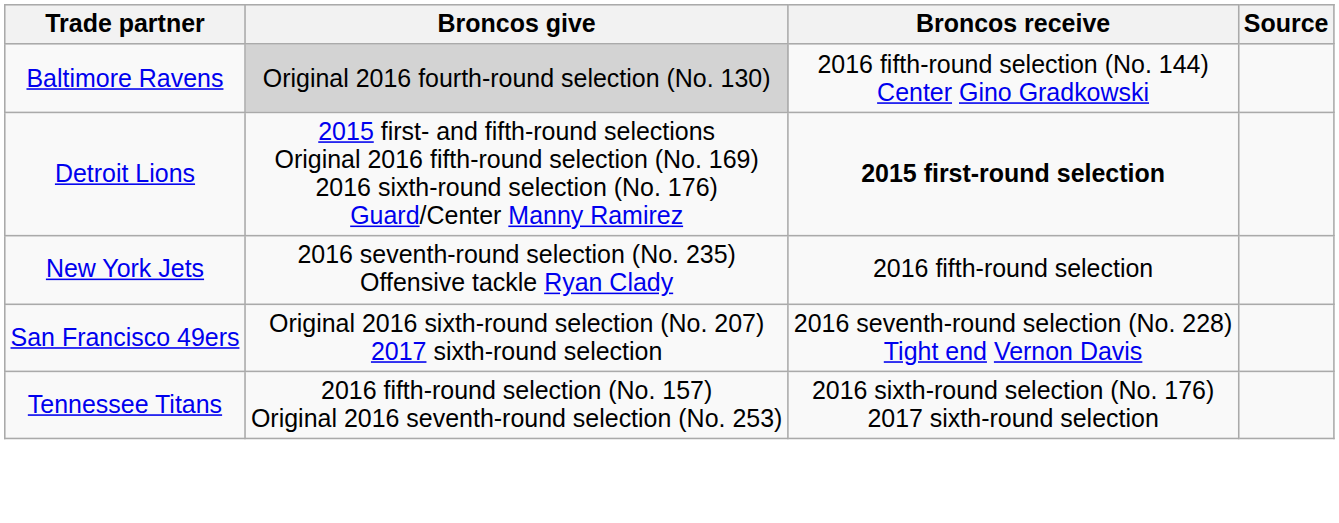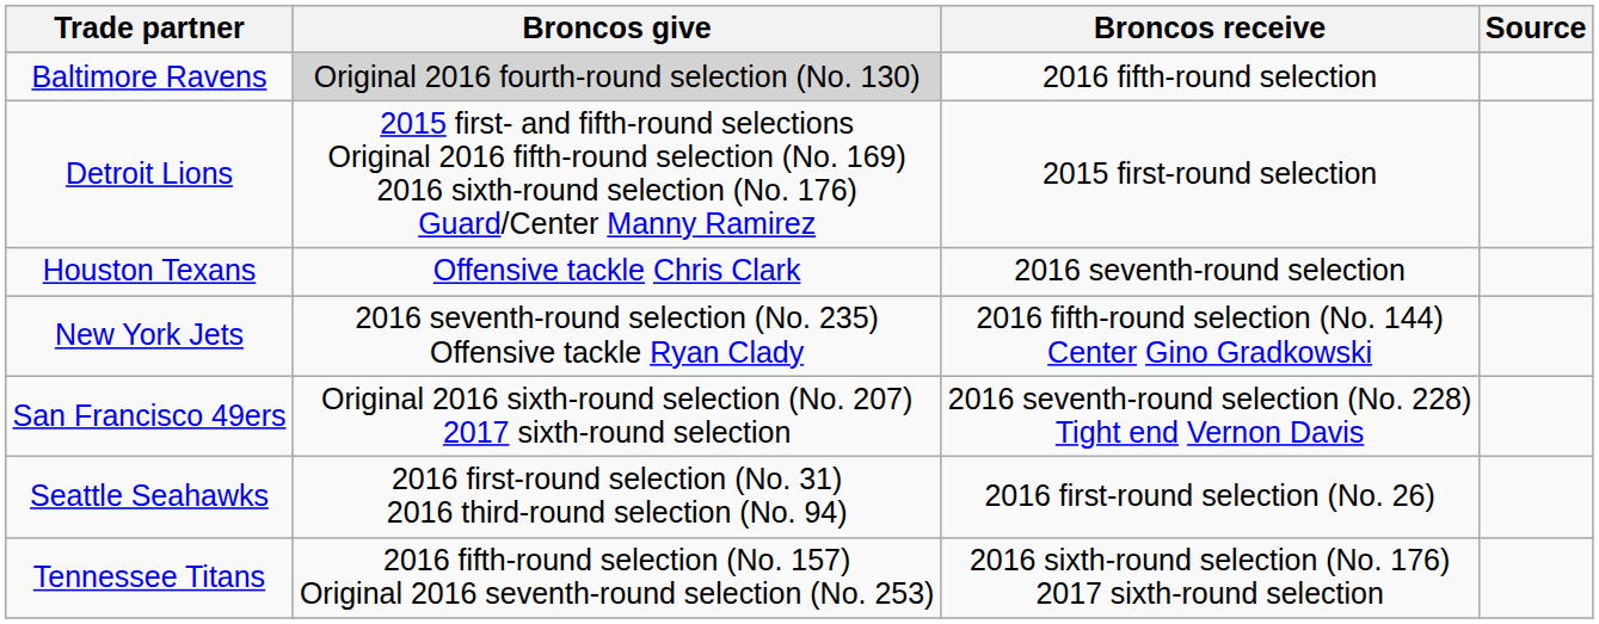 <table class="wikitable" style="text-align:center">
 <tr>
 <th>Trade partner</th>
 <th>Broncos give</th>
 <th>Broncos receive</th>
 <th>Source</th>
 </tr>
 <tr>
 <td><a href='#'>Baltimore Ravens</a></td>
 <td style="background: lightgrey;">Original 2016 fourth-round selection (No. 130)</td>
-<td>2016 fifth-round selection (No. 144)<br><a href='#'>Center</a> <a href='#'>Gino Gradkowski</a></td>
+<td>2016 fifth-round selection </td>
 <td></td>
 </tr>
 <tr>
 <td><a href='#'>Detroit Lions</a></td>
 <td><a href='#'>2015</a> first- and fifth-round selections<br>Original 2016 fifth-round selection (No. 169)<br>2016 sixth-round selection (No. 176)<br><a href='#'>Guard</a>/Center <a href='#'>Manny Ramirez</a></td>
-<td><strong>2015 first-round selection</strong></td>
+<td>2015 first-round selection</td>
+<td></td>
+</tr>
+<tr>
+<td><a href='#'>Houston Texans</a></td>
+<td><a href='#'>Offensive tackle</a> <a href='#'>Chris Clark</a></td>
+<td>2016 seventh-round selection </td>
 <td></td>
 </tr>
 <tr>
 <td><a href='#'>New York Jets</a></td>
 <td>2016 seventh-round selection (No. 235)<br>Offensive tackle <a href='#'>Ryan Clady</a></td>
-<td>2016 fifth-round selection </td>
+<td>2016 fifth-round selection (No. 144)<br><a href='#'>Center</a> <a href='#'>Gino Gradkowski</a></td>
 <td></td>
 </tr>
 <tr>
 <td><a href='#'>San Francisco 49ers</a></td>
 <td>Original 2016 sixth-round selection (No. 207)<br><a href='#'>2017</a> sixth-round selection</td>
 <td>2016 seventh-round selection (No. 228)<br><a href='#'>Tight end</a> <a href='#'>Vernon Davis</a></td>
 <td></td>
 </tr>
 <tr>
+<td><a href='#'>Seattle Seahawks</a></td>
+<td>2016 first-round selection (No. 31)<br>2016 third-round selection (No. 94)</td>
+<td>2016 first-round selection (No. 26)</td>
+<td></td>
+</tr>
+<tr>
 <td><a href='#'>Tennessee Titans</a></td>
 <td>2016 fifth-round selection (No. 157)<br>Original 2016 seventh-round selection (No. 253)</td>
 <td>2016 sixth-round selection (No. 176)<br>2017 sixth-round selection</td>
 <td></td>
 </tr>
 </table>
